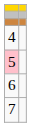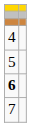 <table class="wikitable">
 <tr style="background:#ffd700;">
 <td align=center></td>
 <td></td>
 </tr>
 <tr style="background:#c0c0c0;">
 <td align=center></td>
 <td></td>
 </tr>
 <tr style="background:#CD853F;">
 <td align=center></td>
 <td></td>
 </tr>
 <tr>
 <td align=center>4</td>
 <td></td>
 </tr>
 <tr>
-<td align=center style="background: pink;">5</td>
+<td align=center>5</td>
 <td></td>
 </tr>
 <tr>
-<td align=center>6</td>
+<td align=center><strong>6</strong></td>
 <td></td>
 </tr>
 <tr>
 <td align=center>7</td>
 <td></td>
 </tr>
 </table>
